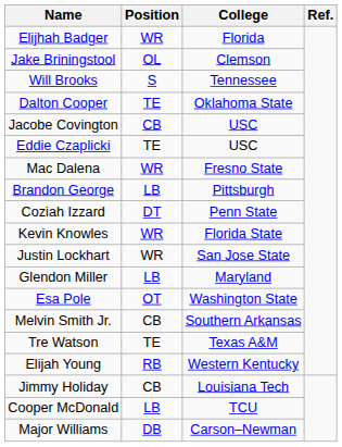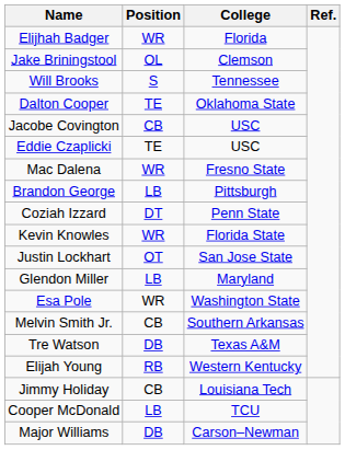 <table class="wikitable" style="text-align:center">
 <tr>
 <th>Name</th>
 <th>Position</th>
 <th>College</th>
 <th>Ref.</th>
 </tr>
 <tr>
 <td><a href='#'>Elijhah Badger</a></td>
 <td><a href='#'>WR</a></td>
 <td><a href='#'>Florida</a></td>
 <td rowspan="16"></td>
 </tr>
 <tr>
 <td><a href='#'>Jake Briningstool</a></td>
 <td><a href='#'>OL</a></td>
 <td><a href='#'>Clemson</a></td>
 </tr>
 <tr>
 <td><a href='#'>Will Brooks</a></td>
 <td><a href='#'>S</a></td>
 <td><a href='#'>Tennessee</a></td>
 </tr>
 <tr>
 <td><a href='#'>Dalton Cooper</a></td>
 <td><a href='#'>TE</a></td>
 <td><a href='#'>Oklahoma State</a></td>
 </tr>
 <tr>
 <td>Jacobe Covington</td>
 <td><a href='#'>CB</a></td>
 <td><a href='#'>USC</a></td>
 </tr>
 <tr>
 <td><a href='#'>Eddie Czaplicki</a></td>
 <td>TE</td>
 <td>USC</td>
 </tr>
 <tr>
 <td>Mac Dalena</td>
 <td><a href='#'>WR</a></td>
 <td><a href='#'>Fresno State</a></td>
 </tr>
 <tr>
 <td><a href='#'>Brandon George</a></td>
 <td><a href='#'>LB</a></td>
 <td><a href='#'>Pittsburgh</a></td>
 </tr>
 <tr>
 <td>Coziah Izzard</td>
 <td><a href='#'>DT</a></td>
 <td><a href='#'>Penn State</a></td>
 </tr>
 <tr>
 <td>Kevin Knowles</td>
 <td><a href='#'>WR</a></td>
 <td><a href='#'>Florida State</a></td>
 </tr>
 <tr>
 <td>Justin Lockhart</td>
-<td>WR</td>
+<td><a href='#'>OT</a></td>
 <td><a href='#'>San Jose State</a></td>
 </tr>
 <tr>
 <td>Glendon Miller</td>
 <td><a href='#'>LB</a></td>
 <td><a href='#'>Maryland</a></td>
 </tr>
 <tr>
 <td><a href='#'>Esa Pole</a></td>
-<td><a href='#'>OT</a></td>
+<td>WR</td>
 <td><a href='#'>Washington State</a></td>
 </tr>
 <tr>
 <td>Melvin Smith Jr.</td>
 <td>CB</td>
 <td><a href='#'>Southern Arkansas</a></td>
 </tr>
 <tr>
 <td>Tre Watson</td>
-<td>TE</td>
+<td><a href='#'>DB</a></td>
 <td><a href='#'>Texas A&M</a></td>
 </tr>
 <tr>
 <td>Elijah Young</td>
 <td><a href='#'>RB</a></td>
 <td><a href='#'>Western Kentucky</a></td>
 </tr>
 <tr>
 <td>Jimmy Holiday</td>
 <td>CB</td>
 <td><a href='#'>Louisiana Tech</a></td>
 <td rowspan="3"></td>
 </tr>
 <tr>
 <td>Cooper McDonald</td>
 <td><a href='#'>LB</a></td>
 <td><a href='#'>TCU</a></td>
 </tr>
 <tr>
 <td>Major Williams</td>
 <td><a href='#'>DB</a></td>
 <td><a href='#'>Carson–Newman</a></td>
 </tr>
 </table>
